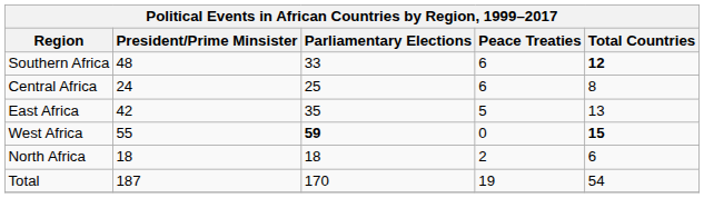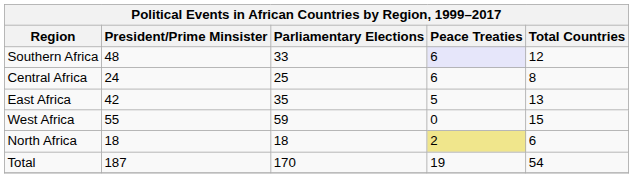 <table class="wikitable sortable">
 <tr>
 <th colspan="5">Political Events in African Countries by Region, 1999–2017</th>
 </tr>
 <tr>
 <th>Region</th>
 <th>President/Prime Minsister</th>
 <th>Parliamentary Elections</th>
 <th>Peace Treaties</th>
 <th>Total Countries</th>
 </tr>
 <tr>
 <td>Southern Africa</td>
 <td>48</td>
 <td>33</td>
-<td>6</td>
-<td><strong>12</strong></td>
+<td style="background: lavender;">6</td>
+<td>12</td>
 </tr>
 <tr>
 <td>Central Africa</td>
 <td>24</td>
 <td>25</td>
 <td>6</td>
 <td>8</td>
 </tr>
 <tr>
 <td>East Africa</td>
 <td>42</td>
 <td>35</td>
 <td>5</td>
 <td>13</td>
 </tr>
 <tr>
 <td>West Africa</td>
 <td>55</td>
-<td><strong>59</strong></td>
+<td>59</td>
 <td>0</td>
-<td><strong>15</strong></td>
+<td>15</td>
 </tr>
 <tr>
 <td>North Africa</td>
 <td>18</td>
 <td>18</td>
-<td>2</td>
+<td style="background: khaki;">2</td>
 <td>6</td>
 </tr>
 <tr>
 <td>Total</td>
 <td>187</td>
 <td>170</td>
 <td>19</td>
 <td>54</td>
 </tr>
 <tr>
 </tr>
 </table>
